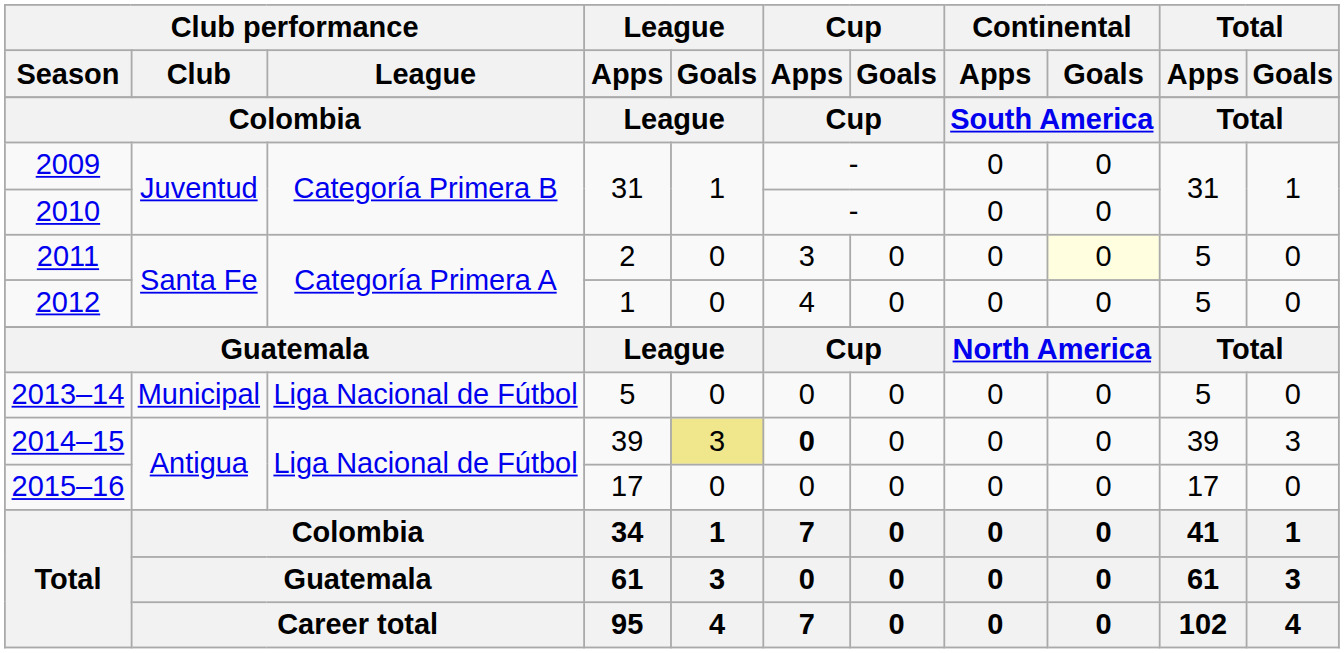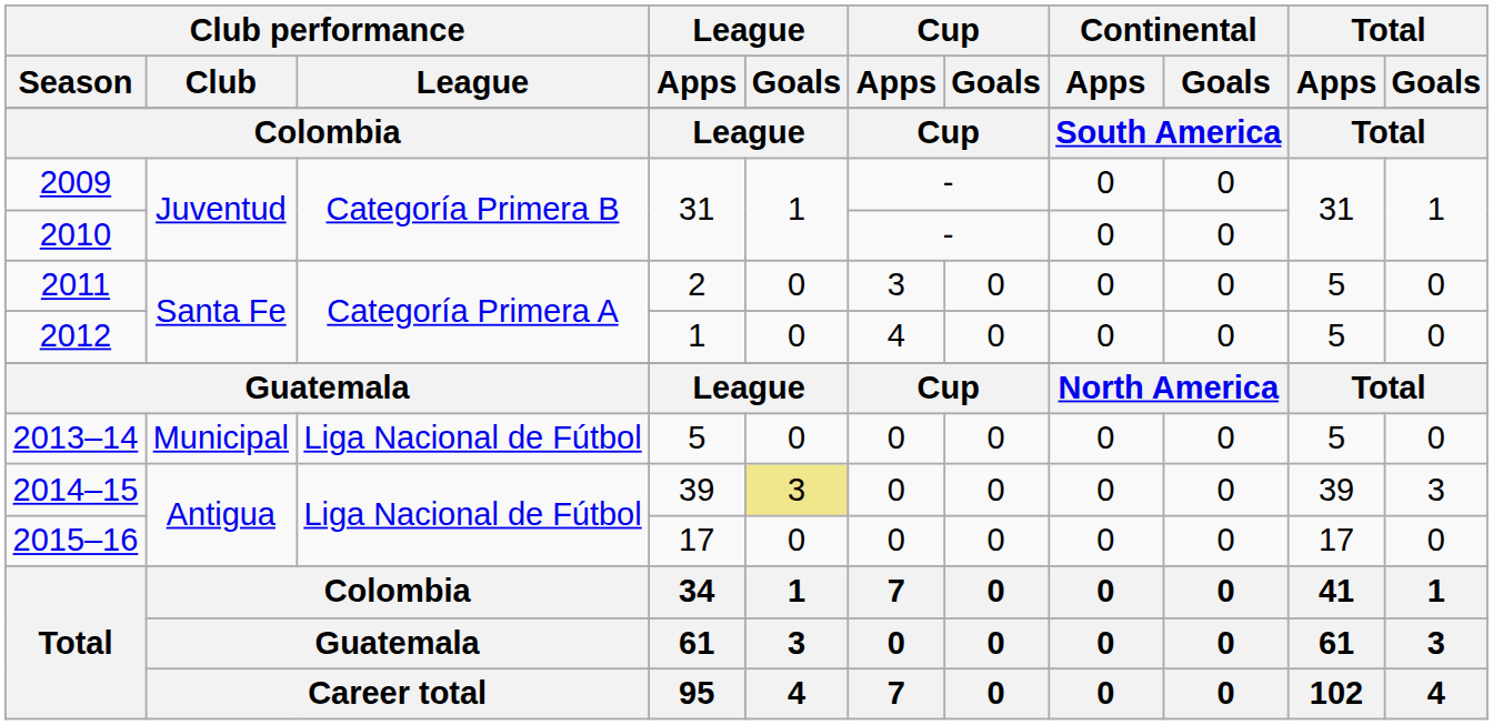 <table class="wikitable" style="text-align:center">
 <tr>
 <th colspan=3>Club performance</th>
 <th colspan=2>League</th>
 <th colspan=2>Cup</th>
 <th colspan=2>Continental</th>
 <th colspan=2>Total</th>
 </tr>
 <tr>
 <th>Season</th>
 <th>Club</th>
 <th>League</th>
 <th>Apps</th>
 <th>Goals</th>
 <th>Apps</th>
 <th>Goals</th>
 <th>Apps</th>
 <th>Goals</th>
 <th>Apps</th>
 <th>Goals</th>
 </tr>
 <tr>
 </tr>
 <tr>
 <th colspan=3>Colombia</th>
 <th colspan=2>League</th>
 <th colspan=2>Cup</th>
 <th colspan=2><a href='#'>South America</a></th>
 <th colspan=2>Total</th>
 </tr>
 <tr>
 <td><a href='#'>2009</a></td>
 <td rowspan="2"><a href='#'>Juventud</a></td>
 <td rowspan="2"><a href='#'>Categoría Primera B</a></td>
 <td rowspan="2">31</td>
 <td rowspan="2">1</td>
 <td colspan="2">-</td>
 <td>0</td>
 <td>0</td>
 <td rowspan="2">31</td>
 <td rowspan="2">1</td>
 </tr>
 <tr>
 <td><a href='#'>2010</a></td>
 <td colspan="2">-</td>
 <td>0</td>
 <td>0</td>
 </tr>
 <tr>
 <td><a href='#'>2011</a></td>
 <td rowspan="2"><a href='#'>Santa Fe</a></td>
 <td rowspan="2"><a href='#'>Categoría Primera A</a></td>
 <td>2</td>
 <td>0</td>
 <td>3</td>
 <td>0</td>
 <td>0</td>
-<td style="background: lightyellow;">0</td>
+<td>0</td>
 <td>5</td>
 <td>0</td>
 </tr>
 <tr>
 <td><a href='#'>2012</a></td>
 <td>1</td>
 <td>0</td>
 <td>4</td>
 <td>0</td>
 <td>0</td>
 <td>0</td>
 <td>5</td>
 <td>0</td>
 </tr>
 <tr>
 </tr>
 <tr>
 <th colspan=3>Guatemala</th>
 <th colspan=2>League</th>
 <th colspan=2>Cup</th>
 <th colspan=2><a href='#'>North America</a></th>
 <th colspan=2>Total</th>
 </tr>
 <tr>
 <td><a href='#'>2013–14</a></td>
 <td><a href='#'>Municipal</a></td>
 <td><a href='#'>Liga Nacional de Fútbol</a></td>
 <td>5</td>
 <td>0</td>
 <td>0</td>
 <td>0</td>
 <td>0</td>
 <td>0</td>
 <td>5</td>
 <td>0</td>
 </tr>
 <tr>
 <td><a href='#'>2014–15</a></td>
 <td rowspan=2><a href='#'>Antigua</a></td>
 <td rowspan=2><a href='#'>Liga Nacional de Fútbol</a></td>
 <td>39</td>
 <td style="background: khaki;">3</td>
-<td><strong>0</strong></td>
+<td>0</td>
 <td>0</td>
 <td>0</td>
 <td>0</td>
 <td>39</td>
 <td>3</td>
 </tr>
 <tr>
 <td><a href='#'>2015–16</a></td>
 <td>17</td>
 <td>0</td>
 <td>0</td>
 <td>0</td>
 <td>0</td>
 <td>0</td>
 <td>17</td>
 <td>0</td>
 </tr>
 <tr>
 <th rowspan=3>Total</th>
 <th colspan=2>Colombia</th>
 <th>34</th>
 <th>1</th>
 <th>7</th>
 <th>0</th>
 <th>0</th>
 <th>0</th>
 <th>41</th>
 <th>1</th>
 </tr>
 <tr>
 <th colspan=2>Guatemala</th>
 <th>61</th>
 <th>3</th>
 <th>0</th>
 <th>0</th>
 <th>0</th>
 <th>0</th>
 <th>61</th>
 <th>3</th>
 </tr>
 <tr>
 <th colspan=2>Career total</th>
 <th>95</th>
 <th>4</th>
 <th>7</th>
 <th>0</th>
 <th>0</th>
 <th>0</th>
 <th>102</th>
 <th>4</th>
 </tr>
 </table>
